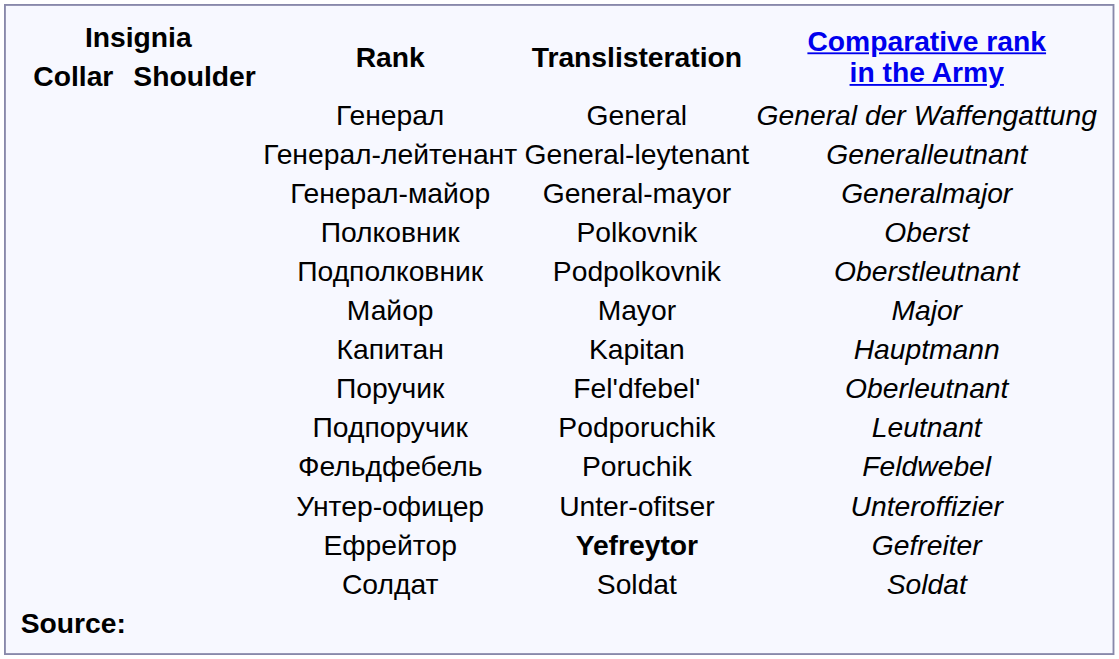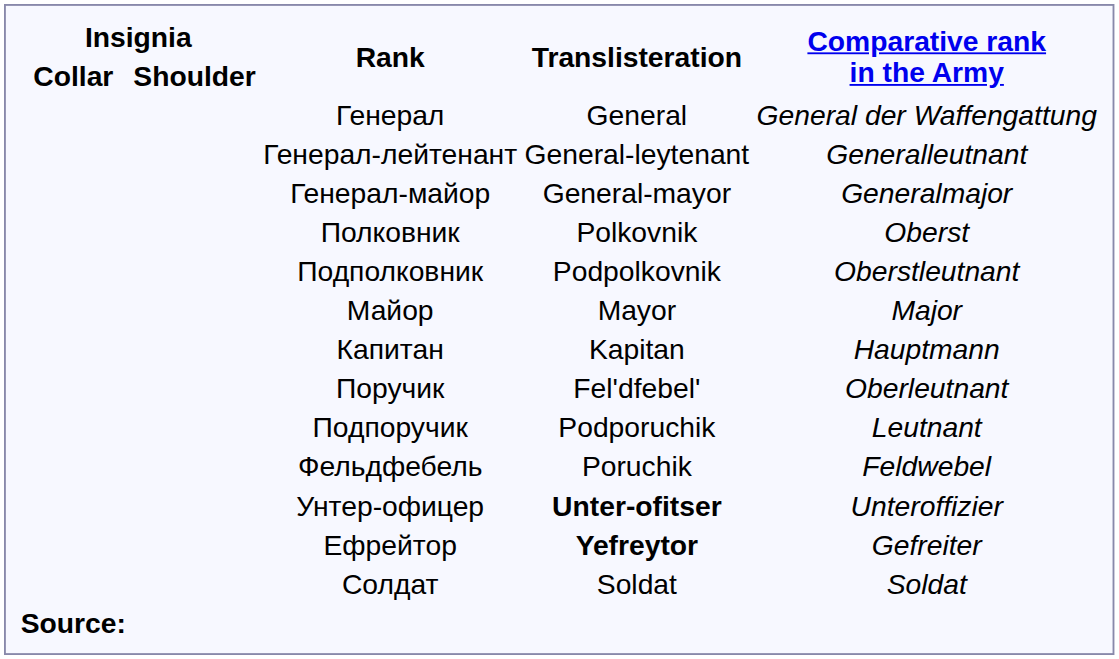 <table style="border:1px solid #8888aa; background-color:#f7f8ff; padding:5px; font-size:95%; margin: 0px 12px 12px 0px;">
 <tr style="text-align:center;">
 <th colspan=2>Insignia</th>
 <th rowspan=2>Rank</th>
 <th rowspan=2>Translisteration</th>
 <th rowspan=2><a href='#'>Comparative rank<br> in the Army</a></th>
 </tr>
 <tr style="text-align:center;">
 <th>Collar</th>
 <th>Shoulder</th>
 </tr>
 <tr style="text-align:center;">
 <td rowspan=3></td>
 <td></td>
 <td>Генерал</td>
 <td>General</td>
 <td><em>General der Waffengattung</em></td>
 </tr>
 <tr style="text-align:center;">
 <td></td>
 <td>Генерал-лейтенант</td>
 <td>General-leytenant</td>
 <td><em>Generalleutnant</em></td>
 </tr>
 <tr style="text-align:center;">
 <td></td>
 <td>Генерал-майор</td>
 <td>General-mayor</td>
 <td><em>Generalmajor</em></td>
 </tr>
 <tr style="text-align:center;">
 <td rowspan=6></td>
 <td></td>
 <td>Полковник</td>
 <td>Polkovnik</td>
 <td><em>Oberst</em></td>
 </tr>
 <tr style="text-align:center;">
 <td></td>
 <td>Подполковник</td>
 <td>Podpolkovnik</td>
 <td><em>Oberstleutnant</em></td>
 </tr>
 <tr style="text-align:center;">
 <td></td>
 <td>Майор</td>
 <td>Mayor</td>
 <td><em>Major</em></td>
 </tr>
 <tr style="text-align:center;">
 <td></td>
 <td>Капитан</td>
 <td>Kapitan</td>
 <td><em>Hauptmann</em></td>
 </tr>
 <tr style="text-align:center;">
 <td></td>
 <td>Поручик</td>
 <td>Fel'dfebel'</td>
 <td><em>Oberleutnant</em></td>
 </tr>
 <tr style="text-align:center;">
 <td></td>
 <td>Подпоручик</td>
 <td>Podporuchik</td>
 <td><em>Leutnant</em></td>
 </tr>
 <tr style="text-align:center;">
 <td rowspan=4></td>
 <td></td>
 <td>Фельдфебель</td>
 <td>Poruchik</td>
 <td><em>Feldwebel</em></td>
 </tr>
 <tr style="text-align:center;">
 <td></td>
 <td>Унтер-офицер</td>
-<td>Unter-ofitser</td>
+<td><strong>Unter-ofitser</strong></td>
 <td><em>Unteroffizier</em></td>
 </tr>
 <tr style="text-align:center;">
 <td></td>
 <td>Ефрейтор</td>
 <td><strong>Yefreytor</strong></td>
 <td><em>Gefreiter</em></td>
 </tr>
 <tr style="text-align:center;">
 <td></td>
 <td>Солдат</td>
 <td>Soldat</td>
 <td><em>Soldat</em></td>
 </tr>
 <tr>
 <th>Source:</th>
 <td></td>
 </tr>
 </table>
